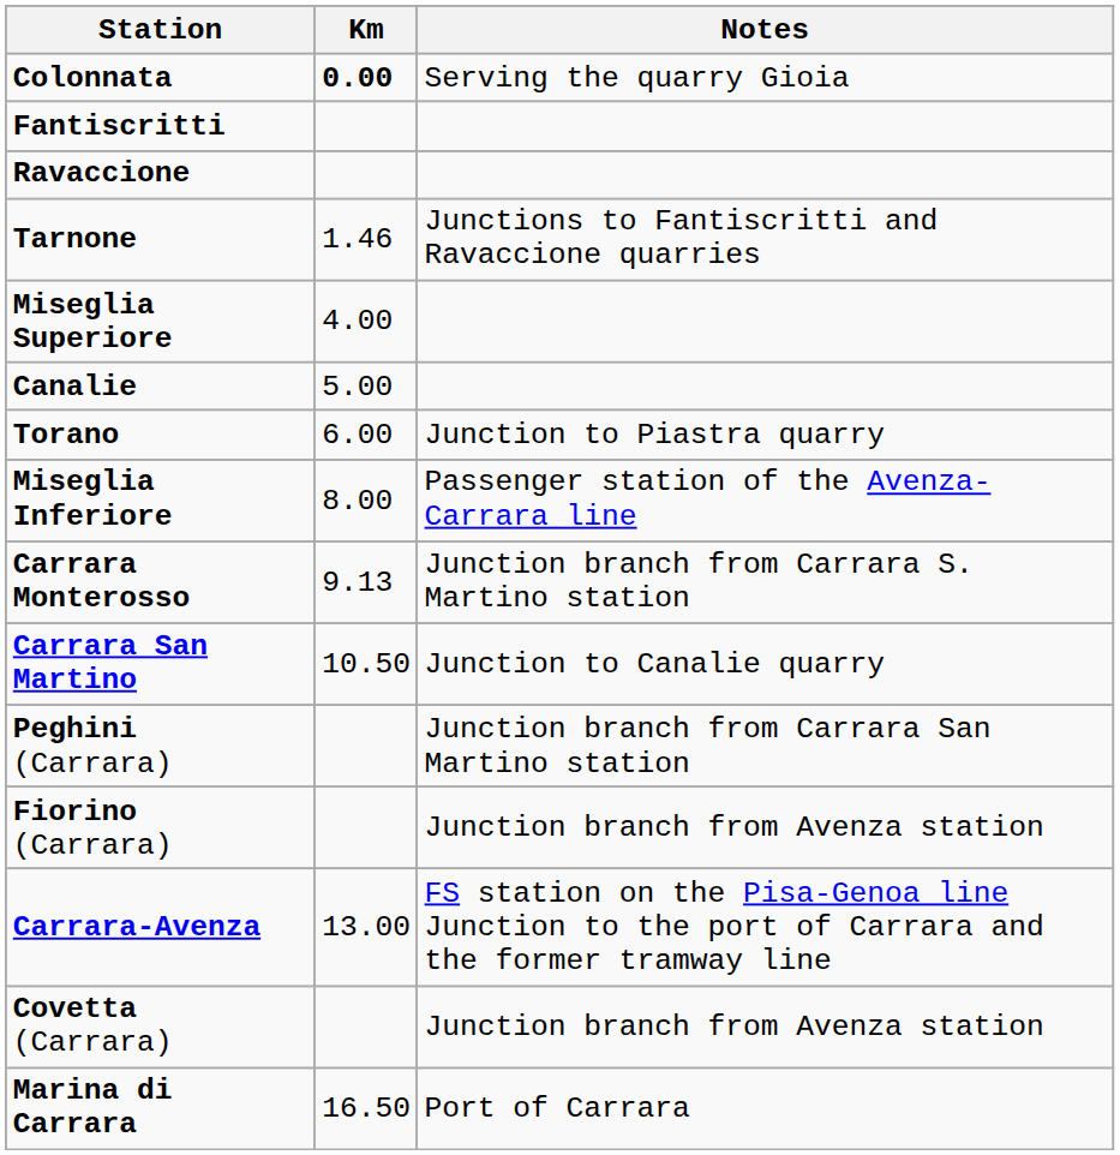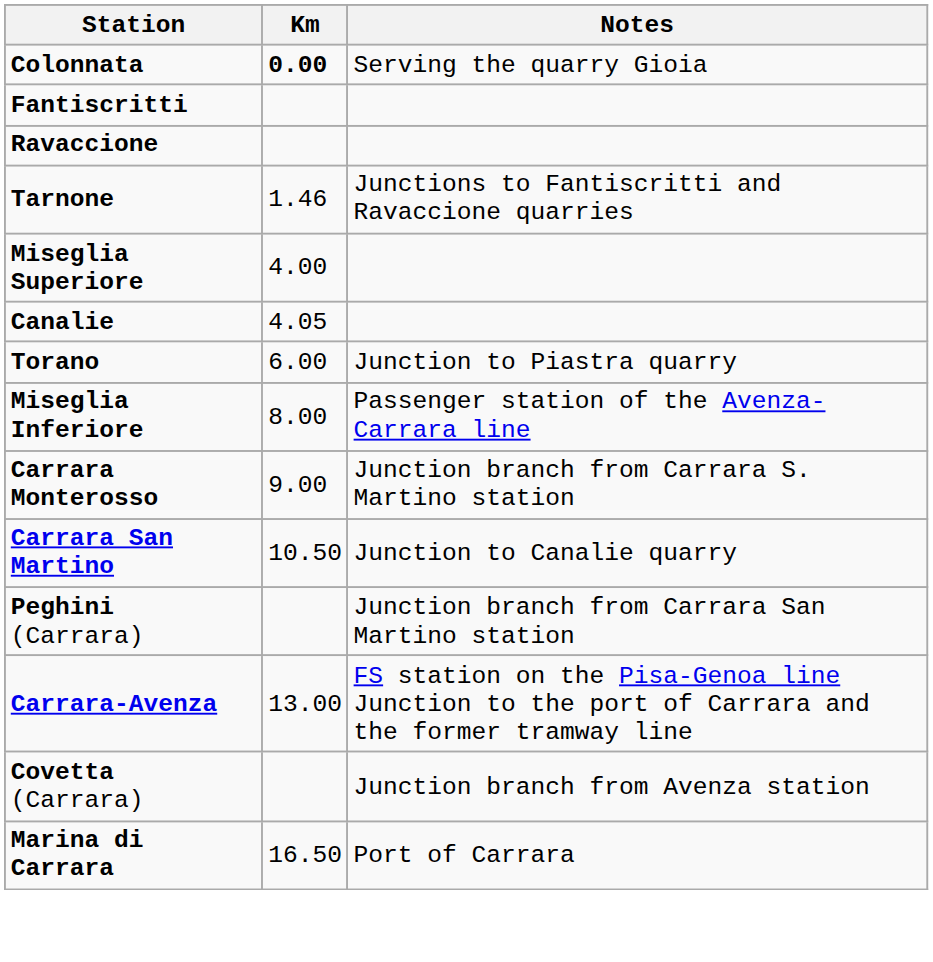 <table class="wikitable sortable">
 <tr>
 <th width="130px">Station</th>
 <th width="30px">Km</th>
 <th width="300px">Notes</th>
 </tr>
 <tr>
 <td><strong>Colonnata</strong></td>
 <td><strong><div>0.00</div></strong></td>
 <td>Serving the quarry Gioia</td>
 </tr>
 <tr>
 <td><strong>Fantiscritti</strong></td>
 <td><div></div></td>
 <td></td>
 </tr>
 <tr>
 <td><strong>Ravaccione</strong></td>
 <td><div></div></td>
 <td></td>
 </tr>
 <tr>
 <td><strong>Tarnone</strong></td>
 <td><div>1.46</div></td>
 <td>Junctions to Fantiscritti and Ravaccione quarries</td>
 </tr>
 <tr>
 <td><strong>Miseglia Superiore</strong></td>
 <td><div>4.00</div></td>
 <td></td>
 </tr>
 <tr>
 <td><strong>Canalie</strong></td>
-<td><div>5.00</div></td>
+<td><div>4.05</div></td>
 <td></td>
 </tr>
 <tr>
 <td><strong>Torano</strong></td>
 <td><div>6.00</div></td>
 <td>Junction to Piastra quarry</td>
 </tr>
 <tr>
 <td><strong>Miseglia Inferiore</strong></td>
 <td><div>8.00</div></td>
 <td>Passenger station of the <a href='#'>Avenza-Carrara line</a></td>
 </tr>
 <tr>
 <td><strong>Carrara Monterosso</strong></td>
-<td><div>9.13</div></td>
+<td><div>9.00</div></td>
 <td>Junction branch from Carrara S. Martino station</td>
 </tr>
 <tr>
 <td><strong><a href='#'>Carrara San Martino</a></strong></td>
 <td><div>10.50</div></td>
 <td>Junction to Canalie quarry</td>
 </tr>
 <tr>
 <td><strong>Peghini</strong> (Carrara)</td>
 <td><div></div></td>
 <td>Junction branch from Carrara San Martino station</td>
-</tr>
-<tr>
-<td><strong>Fiorino</strong> (Carrara)</td>
-<td><div></div></td>
-<td>Junction branch from Avenza station</td>
 </tr>
 <tr>
 <td><strong><a href='#'>Carrara-Avenza</a></strong></td>
 <td><div>13.00</div></td>
 <td><a href='#'>FS</a> station on the <a href='#'>Pisa-Genoa line</a><br>Junction to the port of Carrara and the former tramway line</td>
 </tr>
 <tr>
 <td><strong>Covetta</strong> (Carrara)</td>
 <td></td>
 <td>Junction branch from Avenza station</td>
 </tr>
 <tr>
 <td><strong>Marina di Carrara</strong></td>
 <td><div>16.50</div></td>
 <td>Port of Carrara</td>
 </tr>
 </table>
